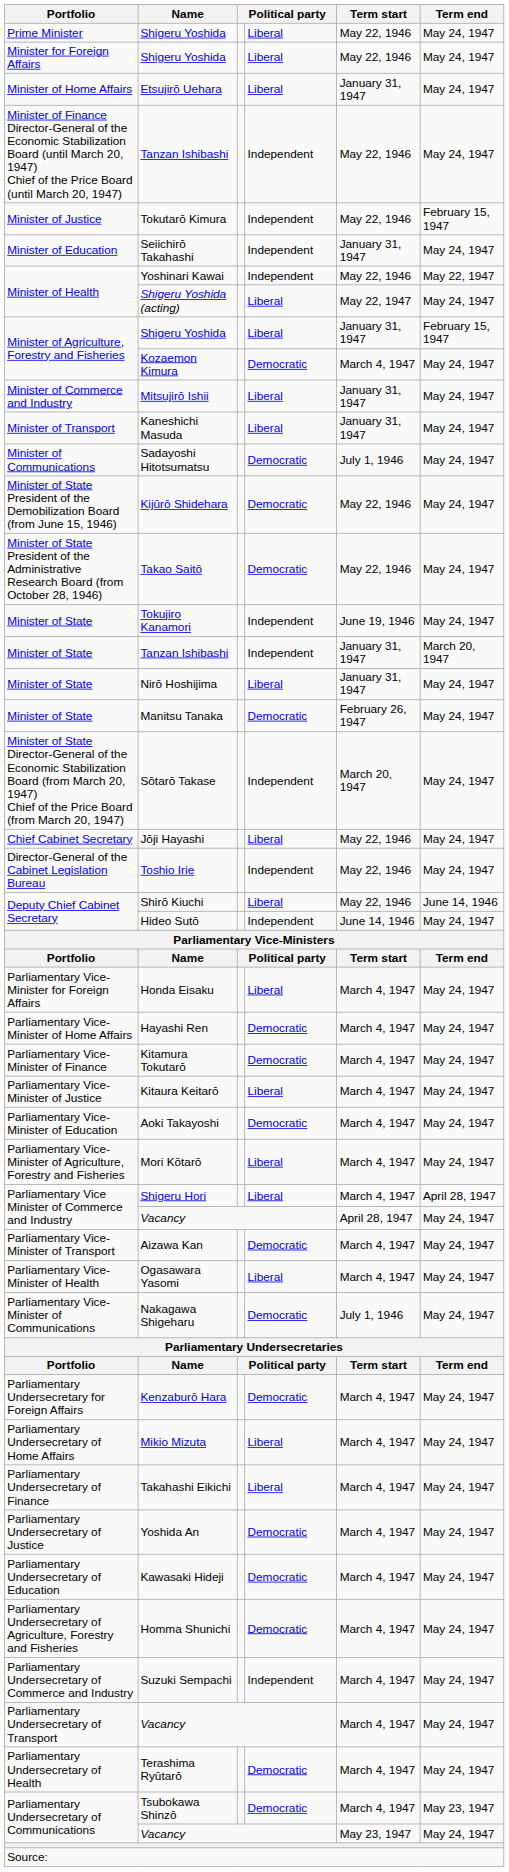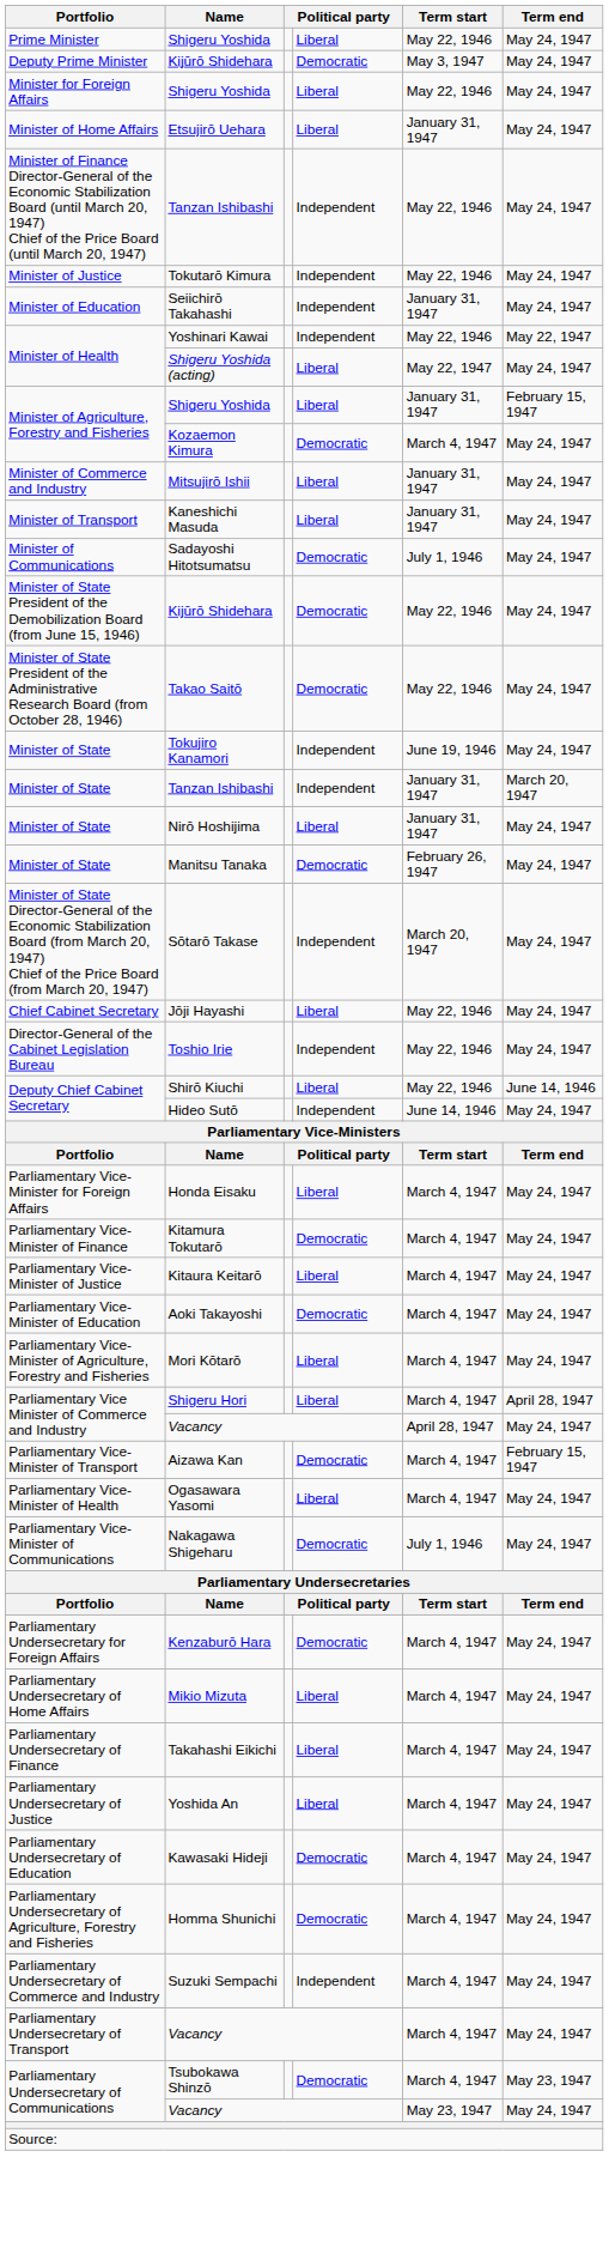 <table class="wikitable" style="font-size: 90%;">
 <tr>
 <th scope="col" width="20%">Portfolio</th>
 <th scope="col" width="15%">Name</th>
 <th colspan="2" scope="col" width="13.5%">Political party</th>
 <th scope="col" width="12.5%">Term start</th>
 <th scope="col" width="12.5%">Term end</th>
 </tr>
 <tr>
 <td style="text-align: left;"><a href='#'>Prime Minister</a></td>
 <td><a href='#'>Shigeru Yoshida</a></td>
 <td style="background:"></td>
 <td><a href='#'>Liberal</a></td>
 <td>May 22, 1946</td>
+<td>May 24, 1947</td>
+</tr>
+<tr>
+<td><a href='#'>Deputy Prime Minister</a></td>
+<td><a href='#'>Kijūrō Shidehara</a></td>
+<td style="color:inherit;background:"></td>
+<td><a href='#'>Democratic</a></td>
+<td>May 3, 1947</td>
 <td>May 24, 1947</td>
 </tr>
 <tr>
 <td><a href='#'>Minister for Foreign Affairs</a></td>
 <td><a href='#'>Shigeru Yoshida</a></td>
 <td style="color:inherit;background:"></td>
 <td><a href='#'>Liberal</a></td>
 <td>May 22, 1946</td>
 <td>May 24, 1947</td>
 </tr>
 <tr>
 <td><a href='#'>Minister of Home Affairs</a></td>
 <td><a href='#'>Etsujirō Uehara</a></td>
 <td style="color:inherit;background:"></td>
 <td><a href='#'>Liberal</a></td>
 <td>January 31, 1947</td>
 <td>May 24, 1947</td>
 </tr>
 <tr>
 <td><a href='#'>Minister of Finance</a><br>Director-General of the Economic Stabilization Board (until March 20, 1947)<br>Chief of the Price Board (until March 20, 1947)</td>
 <td><a href='#'>Tanzan Ishibashi</a></td>
 <td style="color:inherit;background:"></td>
 <td>Independent</td>
 <td>May 22, 1946</td>
 <td>May 24, 1947</td>
 </tr>
 <tr>
 <td><a href='#'>Minister of Justice</a></td>
 <td>Tokutarō Kimura</td>
 <td style="color:inherit;background:"></td>
 <td>Independent</td>
 <td>May 22, 1946</td>
-<td>February 15, 1947</td>
+<td>May 24, 1947</td>
 </tr>
 <tr>
 <td><a href='#'>Minister of Education</a></td>
 <td>Seiichirō Takahashi</td>
 <td style="color:inherit;background:"></td>
 <td>Independent</td>
 <td>January 31, 1947</td>
 <td>May 24, 1947</td>
 </tr>
 <tr>
 <td rowspan="2"><a href='#'>Minister of Health</a></td>
 <td>Yoshinari Kawai</td>
 <td style="color:inherit;background:"></td>
 <td>Independent</td>
 <td>May 22, 1946</td>
 <td>May 22, 1947</td>
 </tr>
 <tr>
 <td><em><a href='#'>Shigeru Yoshida</a> (acting)</em></td>
 <td style="color:inherit;background:"></td>
 <td><a href='#'>Liberal</a></td>
 <td>May 22, 1947</td>
 <td>May 24, 1947</td>
 </tr>
 <tr>
 <td rowspan="2"><a href='#'>Minister of Agriculture, Forestry and Fisheries</a></td>
 <td><a href='#'>Shigeru Yoshida</a></td>
 <td style="color:inherit;background:"></td>
 <td><a href='#'>Liberal</a></td>
 <td>January 31, 1947</td>
 <td>February 15, 1947</td>
 </tr>
 <tr>
 <td><a href='#'>Kozaemon Kimura</a></td>
 <td style="color:inherit;background:"></td>
 <td><a href='#'>Democratic</a></td>
 <td>March 4, 1947</td>
 <td>May 24, 1947</td>
 </tr>
 <tr>
 <td><a href='#'>Minister of Commerce and Industry</a></td>
 <td><a href='#'>Mitsujirō Ishii</a></td>
 <td style="color:inherit;background:"></td>
 <td><a href='#'>Liberal</a></td>
 <td>January 31, 1947</td>
 <td>May 24, 1947</td>
 </tr>
 <tr>
 <td><a href='#'>Minister of Transport</a></td>
 <td>Kaneshichi Masuda</td>
 <td style="color:inherit;background:"></td>
 <td><a href='#'>Liberal</a></td>
 <td>January 31, 1947</td>
 <td>May 24, 1947</td>
 </tr>
 <tr>
 <td><a href='#'>Minister of Communications</a></td>
 <td>Sadayoshi Hitotsumatsu</td>
 <td style="color:inherit;background:"></td>
 <td><a href='#'>Democratic</a></td>
 <td>July 1, 1946</td>
 <td>May 24, 1947</td>
 </tr>
 <tr>
 <td><a href='#'>Minister of State</a><br>President of the Demobilization Board (from June 15, 1946)</td>
 <td><a href='#'>Kijūrō Shidehara</a></td>
 <td style="color:inherit;background:"></td>
 <td><a href='#'>Democratic</a></td>
 <td>May 22, 1946</td>
 <td>May 24, 1947</td>
 </tr>
 <tr>
 <td><a href='#'>Minister of State</a><br>President of the Administrative Research Board (from October 28, 1946)</td>
 <td><a href='#'>Takao Saitō</a></td>
 <td style="color:inherit;background:"></td>
 <td><a href='#'>Democratic</a></td>
 <td>May 22, 1946</td>
 <td>May 24, 1947</td>
 </tr>
 <tr>
 <td><a href='#'>Minister of State</a></td>
 <td><a href='#'>Tokujiro Kanamori</a></td>
 <td style="color:inherit;background:"></td>
 <td>Independent</td>
 <td>June 19, 1946</td>
 <td>May 24, 1947</td>
 </tr>
 <tr>
 <td><a href='#'>Minister of State</a></td>
 <td><a href='#'>Tanzan Ishibashi</a></td>
 <td style="color:inherit;background:"></td>
 <td>Independent</td>
 <td>January 31, 1947</td>
 <td>March 20, 1947</td>
 </tr>
 <tr>
 <td><a href='#'>Minister of State</a></td>
 <td>Nirō Hoshijima</td>
 <td style="color:inherit;background:"></td>
 <td><a href='#'>Liberal</a></td>
 <td>January 31, 1947</td>
 <td>May 24, 1947</td>
 </tr>
 <tr>
 <td><a href='#'>Minister of State</a></td>
 <td>Manitsu Tanaka</td>
 <td style="color:inherit;background:"></td>
 <td><a href='#'>Democratic</a></td>
 <td>February 26, 1947</td>
 <td>May 24, 1947</td>
 </tr>
 <tr>
 <td><a href='#'>Minister of State</a><br>Director-General of the Economic Stabilization Board (from March 20, 1947)<br>Chief of the Price Board (from March 20, 1947)</td>
 <td>Sōtarō Takase</td>
 <td style="color:inherit;background:"></td>
 <td>Independent</td>
 <td>March 20, 1947</td>
 <td>May 24, 1947</td>
 </tr>
 <tr>
 <td><a href='#'>Chief Cabinet Secretary</a></td>
 <td>Jōji Hayashi</td>
 <td style="color:inherit;background:"></td>
 <td><a href='#'>Liberal</a></td>
 <td>May 22, 1946</td>
 <td>May 24, 1947</td>
 </tr>
 <tr>
 <td>Director-General of the <a href='#'>Cabinet Legislation Bureau</a></td>
 <td><a href='#'>Toshio Irie</a></td>
 <td style="color:inherit;background:"></td>
 <td>Independent</td>
 <td>May 22, 1946</td>
 <td>May 24, 1947</td>
 </tr>
 <tr>
 <td rowspan="2"><a href='#'>Deputy Chief Cabinet Secretary</a></td>
 <td>Shirō Kiuchi</td>
 <td style="color:inherit;background:"></td>
 <td><a href='#'>Liberal</a></td>
 <td>May 22, 1946</td>
 <td>June 14, 1946</td>
 </tr>
 <tr>
 <td>Hideo Sutō</td>
 <td style="color:inherit;background:"></td>
 <td>Independent</td>
 <td>June 14, 1946</td>
 <td>May 24, 1947</td>
 </tr>
 <tr>
 <th colspan="6">Parliamentary Vice-Ministers</th>
 </tr>
 <tr>
 <th>Portfolio</th>
 <th>Name</th>
 <th colspan="2">Political party</th>
 <th>Term start</th>
 <th>Term end</th>
 </tr>
 <tr>
 <td>Parliamentary Vice-Minister for Foreign Affairs</td>
 <td>Honda Eisaku</td>
 <td style="color:inherit;background:"></td>
 <td><a href='#'>Liberal</a></td>
 <td>March 4, 1947</td>
 <td>May 24, 1947</td>
 </tr>
 <tr>
-<td>Parliamentary Vice-Minister of Home Affairs</td>
-<td>Hayashi Ren</td>
-<td style="color:inherit;background:"></td>
-<td><a href='#'>Democratic</a></td>
-<td>March 4, 1947</td>
-<td>May 24, 1947</td>
-</tr>
-<tr>
 <td>Parliamentary Vice-Minister of Finance</td>
 <td>Kitamura Tokutarō</td>
 <td style="color:inherit;background:"></td>
 <td><a href='#'>Democratic</a></td>
 <td>March 4, 1947</td>
 <td>May 24, 1947</td>
 </tr>
 <tr>
 <td>Parliamentary Vice-Minister of Justice</td>
 <td>Kitaura Keitarō</td>
 <td style="color:inherit;background:"></td>
 <td><a href='#'>Liberal</a></td>
 <td>March 4, 1947</td>
 <td>May 24, 1947</td>
 </tr>
 <tr>
 <td>Parliamentary Vice-Minister of Education</td>
 <td>Aoki Takayoshi</td>
 <td style="color:inherit;background:"></td>
 <td><a href='#'>Democratic</a></td>
 <td>March 4, 1947</td>
 <td>May 24, 1947</td>
 </tr>
 <tr>
 <td>Parliamentary Vice-Minister of Agriculture, Forestry and Fisheries</td>
 <td>Mori Kōtarō</td>
 <td style="color:inherit;background:"></td>
 <td><a href='#'>Liberal</a></td>
 <td>March 4, 1947</td>
 <td>May 24, 1947</td>
 </tr>
 <tr>
 <td rowspan="2">Parliamentary Vice Minister of Commerce and Industry</td>
 <td><a href='#'>Shigeru Hori</a></td>
 <td style="color:inherit;background:"></td>
 <td><a href='#'>Liberal</a></td>
 <td>March 4, 1947</td>
 <td>April 28, 1947</td>
 </tr>
 <tr>
 <td colspan="3"><em>Vacancy</em></td>
 <td>April 28, 1947</td>
 <td>May 24, 1947</td>
 </tr>
 <tr>
 <td>Parliamentary Vice-Minister of Transport</td>
 <td>Aizawa Kan</td>
 <td style="color:inherit;background:"></td>
 <td><a href='#'>Democratic</a></td>
 <td>March 4, 1947</td>
-<td>May 24, 1947</td>
+<td>February 15, 1947</td>
 </tr>
 <tr>
 <td>Parliamentary Vice-Minister of Health</td>
 <td>Ogasawara Yasomi</td>
 <td style="color:inherit;background:"></td>
 <td><a href='#'>Liberal</a></td>
 <td>March 4, 1947</td>
 <td>May 24, 1947</td>
 </tr>
 <tr>
 <td>Parliamentary Vice-Minister of Communications</td>
 <td>Nakagawa Shigeharu</td>
 <td style="color:inherit;background:"></td>
 <td><a href='#'>Democratic</a></td>
 <td>July 1, 1946</td>
 <td>May 24, 1947</td>
 </tr>
 <tr>
 <th colspan="6">Parliamentary Undersecretaries</th>
 </tr>
 <tr>
 <th>Portfolio</th>
 <th>Name</th>
 <th colspan="2">Political party</th>
 <th>Term start</th>
 <th>Term end</th>
 </tr>
 <tr>
 <td>Parliamentary Undersecretary for Foreign Affairs</td>
 <td><a href='#'>Kenzaburō Hara</a></td>
 <td style="color:inherit;background:"></td>
 <td><a href='#'>Democratic</a></td>
 <td>March 4, 1947</td>
 <td>May 24, 1947</td>
 </tr>
 <tr>
 <td>Parliamentary Undersecretary of Home Affairs</td>
 <td><a href='#'>Mikio Mizuta</a></td>
 <td style="color:inherit;background:"></td>
 <td><a href='#'>Liberal</a></td>
 <td>March 4, 1947</td>
 <td>May 24, 1947</td>
 </tr>
 <tr>
 <td>Parliamentary Undersecretary of Finance</td>
 <td>Takahashi Eikichi</td>
 <td style="color:inherit;background:"></td>
 <td><a href='#'>Liberal</a></td>
 <td>March 4, 1947</td>
 <td>May 24, 1947</td>
 </tr>
 <tr>
 <td>Parliamentary Undersecretary of Justice</td>
 <td>Yoshida An</td>
 <td style="color:inherit;background:"></td>
-<td><a href='#'>Democratic</a></td>
+<td><a href='#'>Liberal</a></td>
 <td>March 4, 1947</td>
 <td>May 24, 1947</td>
 </tr>
 <tr>
 <td>Parliamentary Undersecretary of Education</td>
 <td>Kawasaki Hideji</td>
 <td style="color:inherit;background:"></td>
 <td><a href='#'>Democratic</a></td>
 <td>March 4, 1947</td>
 <td>May 24, 1947</td>
 </tr>
 <tr>
 <td>Parliamentary Undersecretary of Agriculture, Forestry and Fisheries</td>
 <td>Homma Shunichi</td>
 <td style="color:inherit;background:"></td>
 <td><a href='#'>Democratic</a></td>
 <td>March 4, 1947</td>
 <td>May 24, 1947</td>
 </tr>
 <tr>
 <td>Parliamentary Undersecretary of Commerce and Industry</td>
 <td>Suzuki Sempachi</td>
 <td style="color:inherit;background:"></td>
 <td>Independent</td>
 <td>March 4, 1947</td>
 <td>May 24, 1947</td>
 </tr>
 <tr>
 <td>Parliamentary Undersecretary of Transport</td>
 <td colspan="3"><em>Vacancy</em></td>
 <td>March 4, 1947</td>
 <td>May 24, 1947</td>
 </tr>
 <tr>
-<td>Parliamentary Undersecretary of Health</td>
-<td>Terashima Ryūtarō</td>
-<td style="color:inherit;background:"></td>
-<td><a href='#'>Democratic</a></td>
-<td>March 4, 1947</td>
-<td>May 24, 1947</td>
-</tr>
-<tr>
 <td rowspan="2">Parliamentary Undersecretary of Communications</td>
 <td>Tsubokawa Shinzō</td>
 <td style="color:inherit;background:"></td>
 <td><a href='#'>Democratic</a></td>
 <td>March 4, 1947</td>
 <td>May 23, 1947</td>
 </tr>
 <tr>
 <td colspan="3"><em>Vacancy</em></td>
 <td>May 23, 1947</td>
 <td>May 24, 1947</td>
 </tr>
 <tr>
 <th colspan="6"></th>
 </tr>
 <tr>
 <td colspan="6">Source:</td>
 </tr>
 </table>
